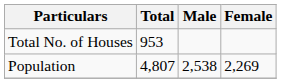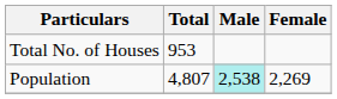 <table class="wikitable sortable">
 <tr>
 <th>Particulars</th>
 <th>Total</th>
 <th>Male</th>
 <th>Female</th>
 </tr>
 <tr>
 <td>Total No. of Houses</td>
 <td>953</td>
 <td></td>
 <td></td>
 </tr>
 <tr>
 <td>Population</td>
 <td>4,807</td>
-<td>2,538</td>
+<td style="background: paleturquoise;">2,538</td>
 <td>2,269</td>
 </tr>
 <tr>
 </tr>
 </table>
